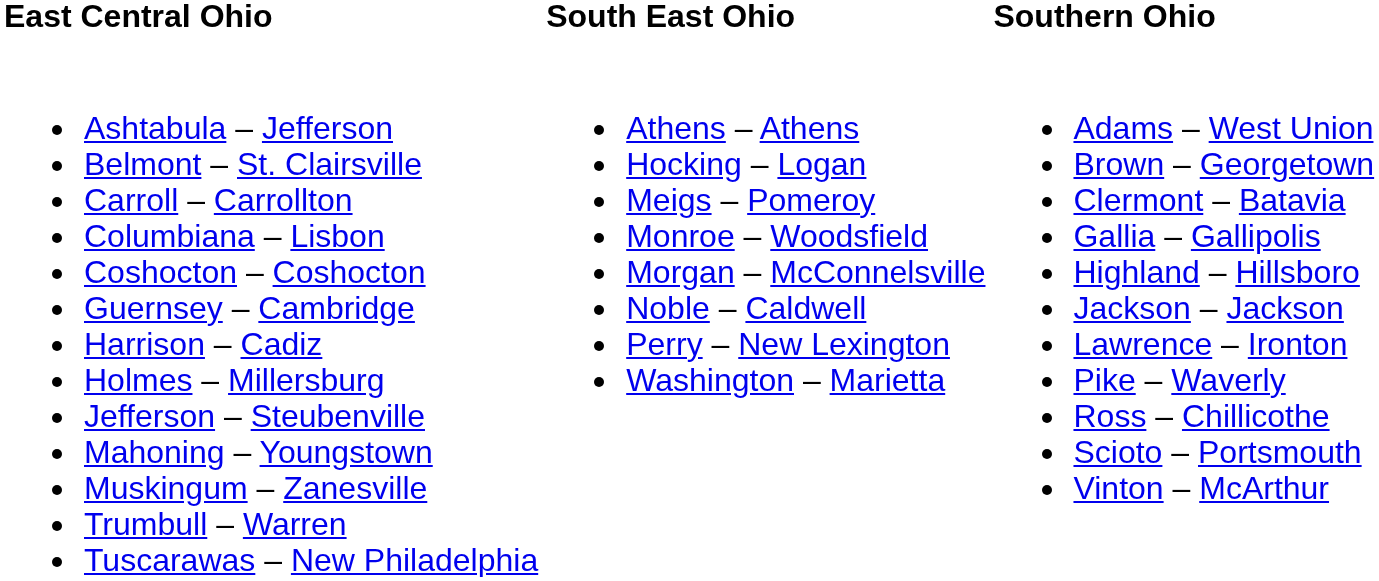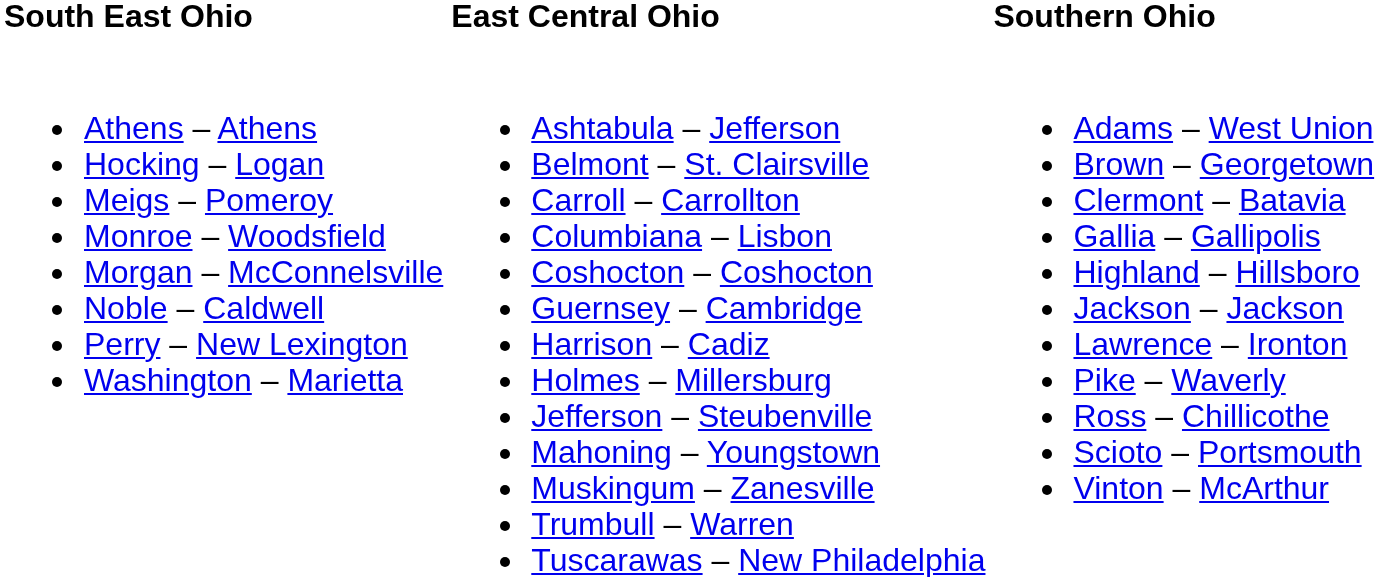 <table>
 <tr>
+<th align="left">South East Ohio</th>
 <th align="left">East Central Ohio</th>
-<th align="left">South East Ohio</th>
 <th align="left">Southern Ohio</th>
 </tr>
 <tr valign="top">
+<td><br><ul><li><a href='#'>Athens</a> – <a href='#'>Athens</a></li><li><a href='#'>Hocking</a> – <a href='#'>Logan</a></li><li><a href='#'>Meigs</a> – <a href='#'>Pomeroy</a></li><li><a href='#'>Monroe</a> – <a href='#'>Woodsfield</a></li><li><a href='#'>Morgan</a> – <a href='#'>McConnelsville</a></li><li><a href='#'>Noble</a> – <a href='#'>Caldwell</a></li><li><a href='#'>Perry</a> – <a href='#'>New Lexington</a></li><li><a href='#'>Washington</a> – <a href='#'>Marietta</a></li></ul></td>
 <td><br><ul><li><a href='#'>Ashtabula</a> – <a href='#'>Jefferson</a></li><li><a href='#'>Belmont</a> – <a href='#'>St. Clairsville</a></li><li><a href='#'>Carroll</a> – <a href='#'>Carrollton</a></li><li><a href='#'>Columbiana</a> – <a href='#'>Lisbon</a></li><li><a href='#'>Coshocton</a> – <a href='#'>Coshocton</a></li><li><a href='#'>Guernsey</a> – <a href='#'>Cambridge</a></li><li><a href='#'>Harrison</a> – <a href='#'>Cadiz</a></li><li><a href='#'>Holmes</a> – <a href='#'>Millersburg</a></li><li><a href='#'>Jefferson</a> – <a href='#'>Steubenville</a></li><li><a href='#'>Mahoning</a> – <a href='#'>Youngstown</a></li><li><a href='#'>Muskingum</a> – <a href='#'>Zanesville</a></li><li><a href='#'>Trumbull</a> – <a href='#'>Warren</a></li><li><a href='#'>Tuscarawas</a> – <a href='#'>New Philadelphia</a></li></ul></td>
-<td><br><ul><li><a href='#'>Athens</a> – <a href='#'>Athens</a></li><li><a href='#'>Hocking</a> – <a href='#'>Logan</a></li><li><a href='#'>Meigs</a> – <a href='#'>Pomeroy</a></li><li><a href='#'>Monroe</a> – <a href='#'>Woodsfield</a></li><li><a href='#'>Morgan</a> – <a href='#'>McConnelsville</a></li><li><a href='#'>Noble</a> – <a href='#'>Caldwell</a></li><li><a href='#'>Perry</a> – <a href='#'>New Lexington</a></li><li><a href='#'>Washington</a> – <a href='#'>Marietta</a></li></ul></td>
 <td><br><ul><li><a href='#'>Adams</a> – <a href='#'>West Union</a></li><li><a href='#'>Brown</a> – <a href='#'>Georgetown</a></li><li><a href='#'>Clermont</a> – <a href='#'>Batavia</a></li><li><a href='#'>Gallia</a> – <a href='#'>Gallipolis</a></li><li><a href='#'>Highland</a> – <a href='#'>Hillsboro</a></li><li><a href='#'>Jackson</a> – <a href='#'>Jackson</a></li><li><a href='#'>Lawrence</a> – <a href='#'>Ironton</a></li><li><a href='#'>Pike</a> – <a href='#'>Waverly</a></li><li><a href='#'>Ross</a> – <a href='#'>Chillicothe</a></li><li><a href='#'>Scioto</a> – <a href='#'>Portsmouth</a></li><li><a href='#'>Vinton</a> – <a href='#'>McArthur</a></li></ul></td>
 </tr>
 </table>
